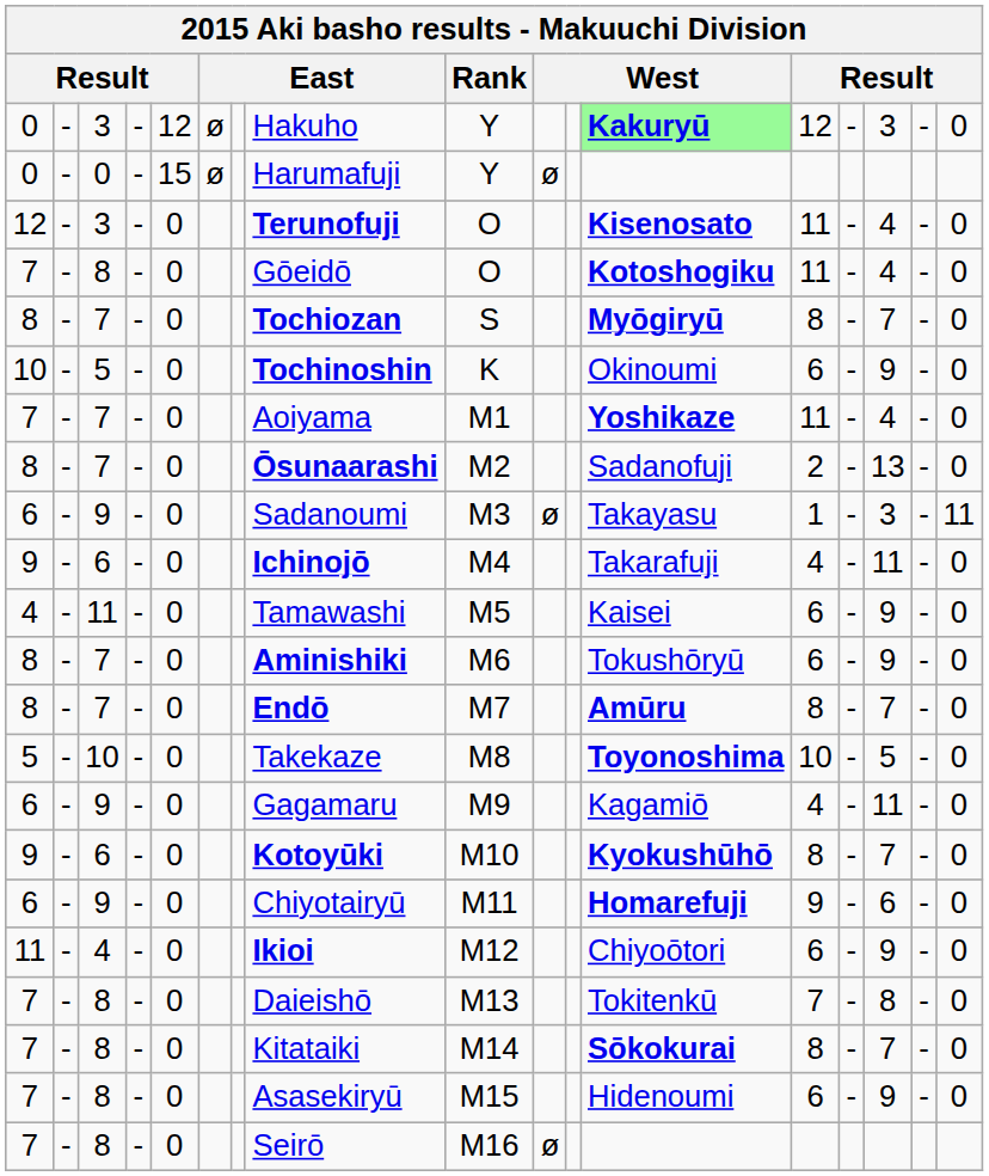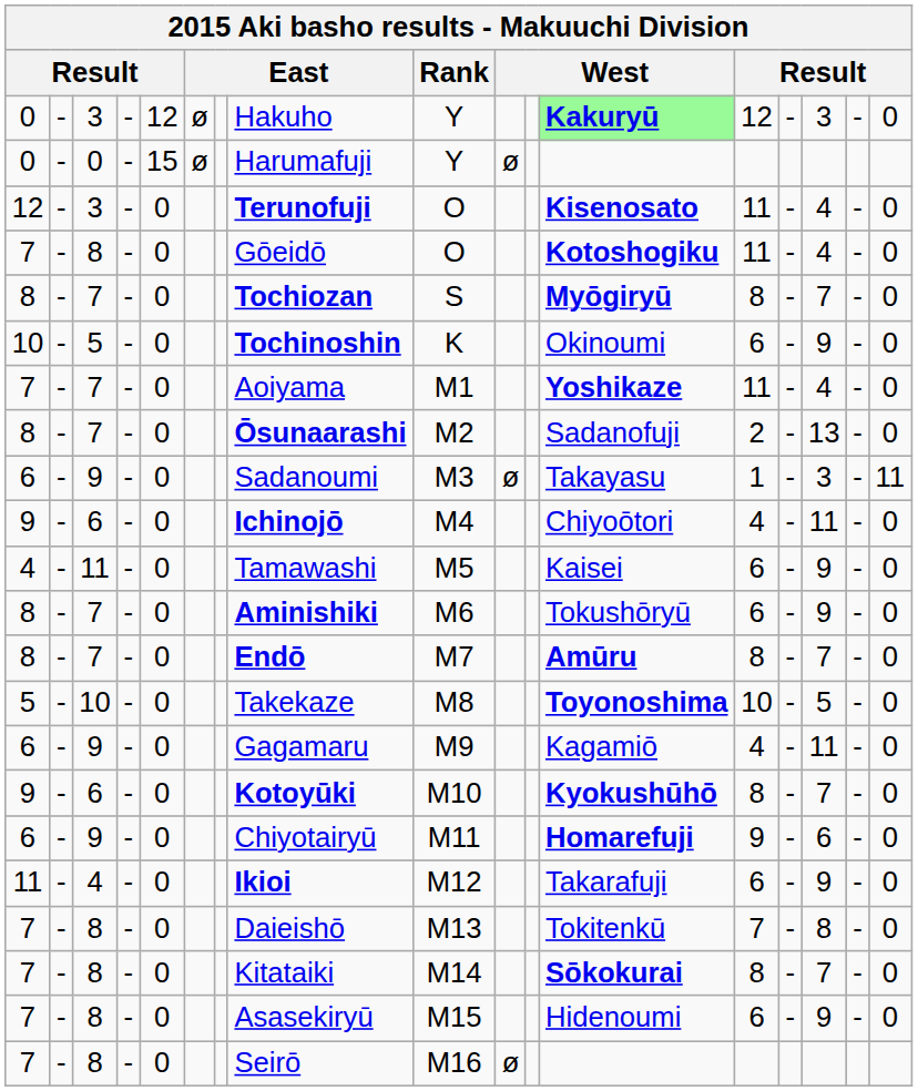 <table class="wikitable">
 <tr>
 <th colspan="17">2015 Aki basho results - Makuuchi Division</th>
 </tr>
 <tr>
 <th colspan="5">Result</th>
 <th colspan="3">East</th>
 <th>Rank</th>
 <th colspan="3">West</th>
 <th colspan="5">Result</th>
 </tr>
 <tr>
 <td align=center>0</td>
 <td align=center>-</td>
 <td align=center>3</td>
 <td align=center>-</td>
 <td align=center>12</td>
 <td align=center>ø</td>
 <td align=center></td>
 <td><a href='#'>Hakuho</a></td>
 <td align=center>Y</td>
 <td align=center></td>
 <td align=center></td>
 <td style="background: PaleGreen;"><strong><a href='#'>Kakuryū</a></strong></td>
 <td align=center>12</td>
 <td align=center>-</td>
 <td align=center>3</td>
 <td align=center>-</td>
 <td align=center>0</td>
 </tr>
 <tr>
 <td align=center>0</td>
 <td align=center>-</td>
 <td align=center>0</td>
 <td align=center>-</td>
 <td align=center>15</td>
 <td align=center>ø</td>
 <td align=center></td>
 <td><a href='#'>Harumafuji</a></td>
 <td align=center>Y</td>
 <td align=center>ø</td>
 <td align=center></td>
 <td></td>
 <td align=center></td>
 <td align=center></td>
 <td align=center></td>
 <td align=center></td>
 <td align=center></td>
 </tr>
 <tr>
 <td align=center>12</td>
 <td align=center>-</td>
 <td align=center>3</td>
 <td align=center>-</td>
 <td align=center>0</td>
 <td align=center></td>
 <td align=center></td>
 <td><strong><a href='#'>Terunofuji</a></strong></td>
 <td align=center>O</td>
 <td align=center></td>
 <td align=center></td>
 <td><strong><a href='#'>Kisenosato</a></strong></td>
 <td align=center>11</td>
 <td align=center>-</td>
 <td align=center>4</td>
 <td align=center>-</td>
 <td align=center>0</td>
 </tr>
 <tr>
 <td align=center>7</td>
 <td align=center>-</td>
 <td align=center>8</td>
 <td align=center>-</td>
 <td align=center>0</td>
 <td align=center></td>
 <td align=center></td>
 <td><a href='#'>Gōeidō</a></td>
 <td align=center>O</td>
 <td align=center></td>
 <td align=center></td>
 <td><strong><a href='#'>Kotoshogiku</a></strong></td>
 <td align=center>11</td>
 <td align=center>-</td>
 <td align=center>4</td>
 <td align=center>-</td>
 <td align=center>0</td>
 </tr>
 <tr>
 <td align=center>8</td>
 <td align=center>-</td>
 <td align=center>7</td>
 <td align=center>-</td>
 <td align=center>0</td>
 <td align=center></td>
 <td align=center></td>
 <td><strong><a href='#'>Tochiozan</a></strong></td>
 <td align=center>S</td>
 <td align=center></td>
 <td align=center></td>
 <td><strong><a href='#'>Myōgiryū</a></strong></td>
 <td align=center>8</td>
 <td align=center>-</td>
 <td align=center>7</td>
 <td align=center>-</td>
 <td align=center>0</td>
 </tr>
 <tr>
 <td align=center>10</td>
 <td align=center>-</td>
 <td align=center>5</td>
 <td align=center>-</td>
 <td align=center>0</td>
 <td align=center></td>
 <td align=center></td>
 <td><strong><a href='#'>Tochinoshin</a></strong></td>
 <td align=center>K</td>
 <td align=center></td>
 <td align=center></td>
 <td><a href='#'>Okinoumi</a></td>
 <td align=center>6</td>
 <td align=center>-</td>
 <td align=center>9</td>
 <td align=center>-</td>
 <td align=center>0</td>
 </tr>
 <tr>
 <td align=center>7</td>
 <td align=center>-</td>
 <td align=center>7</td>
 <td align=center>-</td>
 <td align=center>0</td>
 <td align=center></td>
 <td align=center></td>
 <td><a href='#'>Aoiyama</a></td>
 <td align=center>M1</td>
 <td align=center></td>
 <td align=center></td>
 <td><strong><a href='#'>Yoshikaze</a></strong></td>
 <td align=center>11</td>
 <td align=center>-</td>
 <td align=center>4</td>
 <td align=center>-</td>
 <td align=center>0</td>
 </tr>
 <tr>
 <td align=center>8</td>
 <td align=center>-</td>
 <td align=center>7</td>
 <td align=center>-</td>
 <td align=center>0</td>
 <td align=center></td>
 <td align=center></td>
 <td><strong><a href='#'>Ōsunaarashi</a></strong></td>
 <td align=center>M2</td>
 <td align=center></td>
 <td align=center></td>
 <td><a href='#'>Sadanofuji</a></td>
 <td align=center>2</td>
 <td align=center>-</td>
 <td align=center>13</td>
 <td align=center>-</td>
 <td align=center>0</td>
 </tr>
 <tr>
 <td align=center>6</td>
 <td align=center>-</td>
 <td align=center>9</td>
 <td align=center>-</td>
 <td align=center>0</td>
 <td align=center></td>
 <td align=center></td>
 <td><a href='#'>Sadanoumi</a></td>
 <td align=center>M3</td>
 <td align=center>ø</td>
 <td align=center></td>
 <td><a href='#'>Takayasu</a></td>
 <td align=center>1</td>
 <td align=center>-</td>
 <td align=center>3</td>
 <td align=center>-</td>
 <td align=center>11</td>
 </tr>
 <tr>
 <td align=center>9</td>
 <td align=center>-</td>
 <td align=center>6</td>
 <td align=center>-</td>
 <td align=center>0</td>
 <td align=center></td>
 <td align=center></td>
 <td><strong><a href='#'>Ichinojō</a></strong></td>
 <td align=center>M4</td>
 <td align=center></td>
 <td align=center></td>
-<td><a href='#'>Takarafuji</a></td>
+<td><a href='#'>Chiyoōtori</a></td>
 <td align=center>4</td>
 <td align=center>-</td>
 <td align=center>11</td>
 <td align=center>-</td>
 <td align=center>0</td>
 </tr>
 <tr>
 <td align=center>4</td>
 <td align=center>-</td>
 <td align=center>11</td>
 <td align=center>-</td>
 <td align=center>0</td>
 <td align=center></td>
 <td align=center></td>
 <td><a href='#'>Tamawashi</a></td>
 <td align=center>M5</td>
 <td align=center></td>
 <td align=center></td>
 <td><a href='#'>Kaisei</a></td>
 <td align=center>6</td>
 <td align=center>-</td>
 <td align=center>9</td>
 <td align=center>-</td>
 <td align=center>0</td>
 </tr>
 <tr>
 <td align=center>8</td>
 <td align=center>-</td>
 <td align=center>7</td>
 <td align=center>-</td>
 <td align=center>0</td>
 <td align=center></td>
 <td align=center></td>
 <td><strong><a href='#'>Aminishiki</a></strong></td>
 <td align=center>M6</td>
 <td align=center></td>
 <td align=center></td>
 <td><a href='#'>Tokushōryū</a></td>
 <td align=center>6</td>
 <td align=center>-</td>
 <td align=center>9</td>
 <td align=center>-</td>
 <td align=center>0</td>
 </tr>
 <tr>
 <td align=center>8</td>
 <td align=center>-</td>
 <td align=center>7</td>
 <td align=center>-</td>
 <td align=center>0</td>
 <td align=center></td>
 <td align=center></td>
 <td><strong><a href='#'>Endō</a></strong></td>
 <td align=center>M7</td>
 <td align=center></td>
 <td align=center></td>
 <td><strong><a href='#'>Amūru</a></strong></td>
 <td align=center>8</td>
 <td align=center>-</td>
 <td align=center>7</td>
 <td align=center>-</td>
 <td align=center>0</td>
 </tr>
 <tr>
 <td align=center>5</td>
 <td align=center>-</td>
 <td align=center>10</td>
 <td align=center>-</td>
 <td align=center>0</td>
 <td align=center></td>
 <td align=center></td>
 <td><a href='#'>Takekaze</a></td>
 <td align=center>M8</td>
 <td align=center></td>
 <td align=center></td>
 <td><strong><a href='#'>Toyonoshima</a></strong></td>
 <td align=center>10</td>
 <td align=center>-</td>
 <td align=center>5</td>
 <td align=center>-</td>
 <td align=center>0</td>
 </tr>
 <tr>
 <td align=center>6</td>
 <td align=center>-</td>
 <td align=center>9</td>
 <td align=center>-</td>
 <td align=center>0</td>
 <td align=center></td>
 <td align=center></td>
 <td><a href='#'>Gagamaru</a></td>
 <td align=center>M9</td>
 <td align=center></td>
 <td align=center></td>
 <td><a href='#'>Kagamiō</a></td>
 <td align=center>4</td>
 <td align=center>-</td>
 <td align=center>11</td>
 <td align=center>-</td>
 <td align=center>0</td>
 </tr>
 <tr>
 <td align=center>9</td>
 <td align=center>-</td>
 <td align=center>6</td>
 <td align=center>-</td>
 <td align=center>0</td>
 <td align=center></td>
 <td align=center></td>
 <td><strong><a href='#'>Kotoyūki</a></strong></td>
 <td align=center>M10</td>
 <td align=center></td>
 <td align=center></td>
 <td><strong><a href='#'>Kyokushūhō</a></strong></td>
 <td align=center>8</td>
 <td align=center>-</td>
 <td align=center>7</td>
 <td align=center>-</td>
 <td align=center>0</td>
 </tr>
 <tr>
 <td align=center>6</td>
 <td align=center>-</td>
 <td align=center>9</td>
 <td align=center>-</td>
 <td align=center>0</td>
 <td align=center></td>
 <td align=center></td>
 <td><a href='#'>Chiyotairyū</a></td>
 <td align=center>M11</td>
 <td align=center></td>
 <td align=center></td>
 <td><strong><a href='#'>Homarefuji</a></strong></td>
 <td align=center>9</td>
 <td align=center>-</td>
 <td align=center>6</td>
 <td align=center>-</td>
 <td align=center>0</td>
 </tr>
 <tr>
 <td align=center>11</td>
 <td align=center>-</td>
 <td align=center>4</td>
 <td align=center>-</td>
 <td align=center>0</td>
 <td align=center></td>
 <td align=center></td>
 <td><strong><a href='#'>Ikioi</a></strong></td>
 <td align=center>M12</td>
 <td align=center></td>
 <td align=center></td>
-<td><a href='#'>Chiyoōtori</a></td>
+<td><a href='#'>Takarafuji</a></td>
 <td align=center>6</td>
 <td align=center>-</td>
 <td align=center>9</td>
 <td align=center>-</td>
 <td align=center>0</td>
 </tr>
 <tr>
 <td align=center>7</td>
 <td align=center>-</td>
 <td align=center>8</td>
 <td align=center>-</td>
 <td align=center>0</td>
 <td align=center></td>
 <td align=center></td>
 <td><a href='#'>Daieishō</a></td>
 <td align=center>M13</td>
 <td align=center></td>
 <td align=center></td>
 <td><a href='#'>Tokitenkū</a></td>
 <td align=center>7</td>
 <td align=center>-</td>
 <td align=center>8</td>
 <td align=center>-</td>
 <td align=center>0</td>
 </tr>
 <tr>
 <td align=center>7</td>
 <td align=center>-</td>
 <td align=center>8</td>
 <td align=center>-</td>
 <td align=center>0</td>
 <td align=center></td>
 <td align=center></td>
 <td><a href='#'>Kitataiki</a></td>
 <td align=center>M14</td>
 <td align=center></td>
 <td align=center></td>
 <td><strong><a href='#'>Sōkokurai</a></strong></td>
 <td align=center>8</td>
 <td align=center>-</td>
 <td align=center>7</td>
 <td align=center>-</td>
 <td align=center>0</td>
 </tr>
 <tr>
 <td align=center>7</td>
 <td align=center>-</td>
 <td align=center>8</td>
 <td align=center>-</td>
 <td align=center>0</td>
 <td align=center></td>
 <td align=center></td>
 <td><a href='#'>Asasekiryū</a></td>
 <td align=center>M15</td>
 <td align=center></td>
 <td align=center></td>
 <td><a href='#'>Hidenoumi</a></td>
 <td align=center>6</td>
 <td align=center>-</td>
 <td align=center>9</td>
 <td align=center>-</td>
 <td align=center>0</td>
 </tr>
 <tr>
 <td align=center>7</td>
 <td align=center>-</td>
 <td align=center>8</td>
 <td align=center>-</td>
 <td align=center>0</td>
 <td align=center></td>
 <td align=center></td>
 <td><a href='#'>Seirō</a></td>
 <td align=center>M16</td>
 <td align=center>ø</td>
 <td align=center></td>
 <td></td>
 <td align=center></td>
 <td align=center></td>
 <td align=center></td>
 <td align=center></td>
 <td align=center></td>
 </tr>
 </table>
